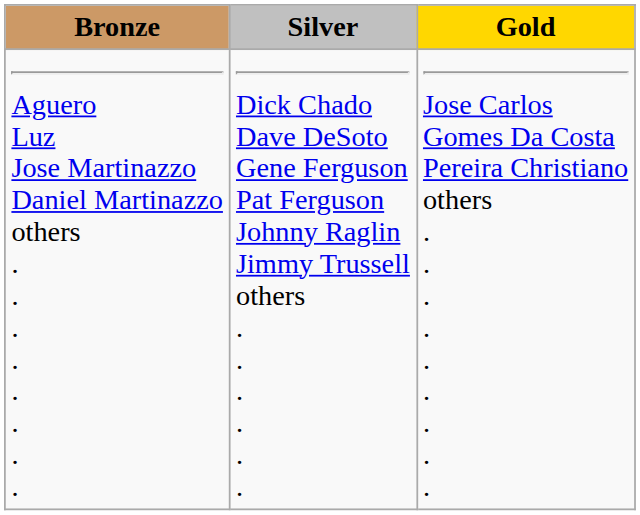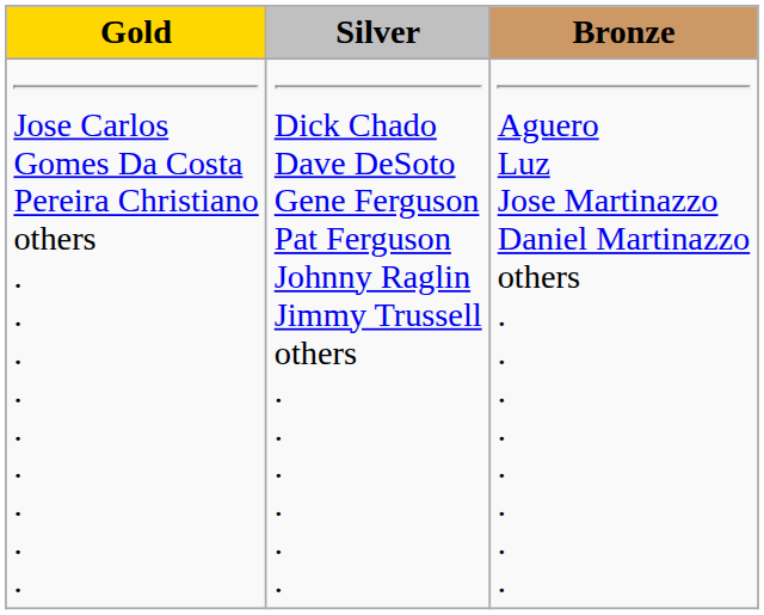 <table class="wikitable">
 <tr>
+<td style="text-align:center;background-color:gold;"><strong>Gold</strong></td>
+<td style="text-align:center;background-color:silver;"><strong>Silver</strong></td>
 <td style="text-align:center;background-color:#CC9966;"><strong>Bronze</strong></td>
-<td style="text-align:center;background-color:silver;"><strong>Silver</strong></td>
-<td style="text-align:center;background-color:gold;"><strong>Gold</strong></td>
 </tr>
 <tr>
+<td><hr><a href='#'>Jose Carlos</a><br><a href='#'>Gomes Da Costa</a><br><a href='#'>Pereira Christiano</a><br>others<br>.<br>.<br>.<br>.<br>.<br>.<br>.<br>.<br>.<br></td>
+<td><hr><a href='#'>Dick Chado</a><br><a href='#'>Dave DeSoto</a><br><a href='#'>Gene Ferguson</a><br><a href='#'>Pat Ferguson</a><br><a href='#'>Johnny Raglin</a><br><a href='#'>Jimmy Trussell</a><br>others<br>. <br>.<br>.<br>.<br>.<br>.<br></td>
 <td><hr><a href='#'>Aguero</a><br><a href='#'>Luz</a><br><a href='#'>Jose Martinazzo</a><br><a href='#'>Daniel Martinazzo</a><br>others<br>.<br>.<br>.<br>.<br>.<br>.<br>.<br>.<br></td>
-<td><hr><a href='#'>Dick Chado</a><br><a href='#'>Dave DeSoto</a><br><a href='#'>Gene Ferguson</a><br><a href='#'>Pat Ferguson</a><br><a href='#'>Johnny Raglin</a><br><a href='#'>Jimmy Trussell</a><br>others<br>. <br>.<br>.<br>.<br>.<br>.<br></td>
-<td><hr><a href='#'>Jose Carlos</a><br><a href='#'>Gomes Da Costa</a><br><a href='#'>Pereira Christiano</a><br>others<br>.<br>.<br>.<br>.<br>.<br>.<br>.<br>.<br>.<br></td>
 </tr>
 </table>
